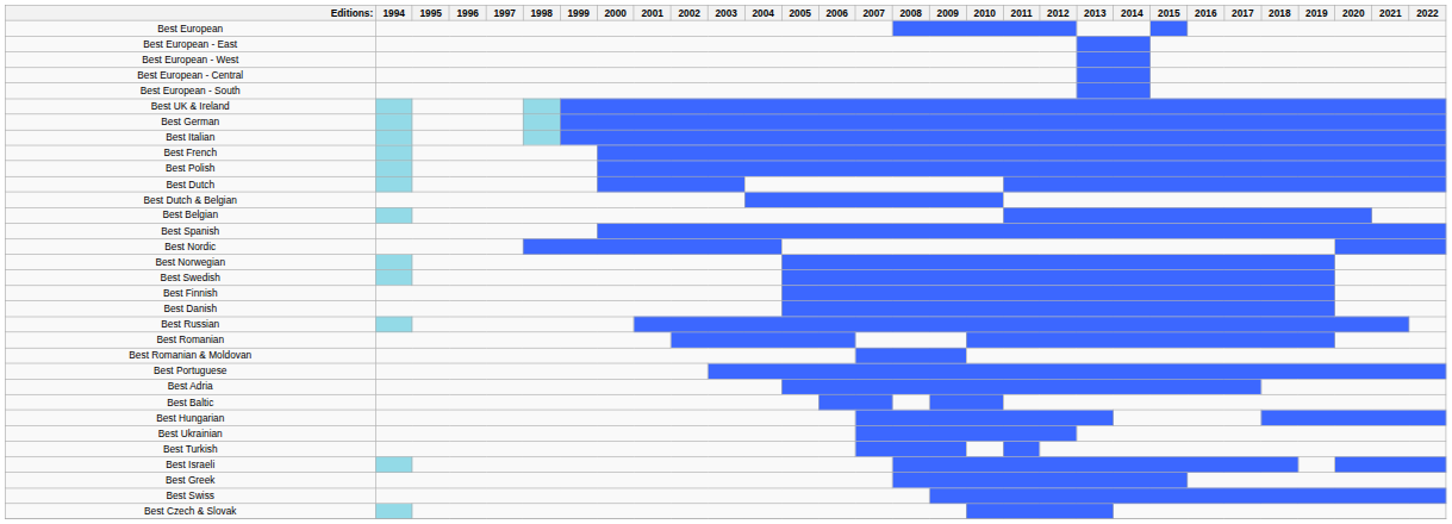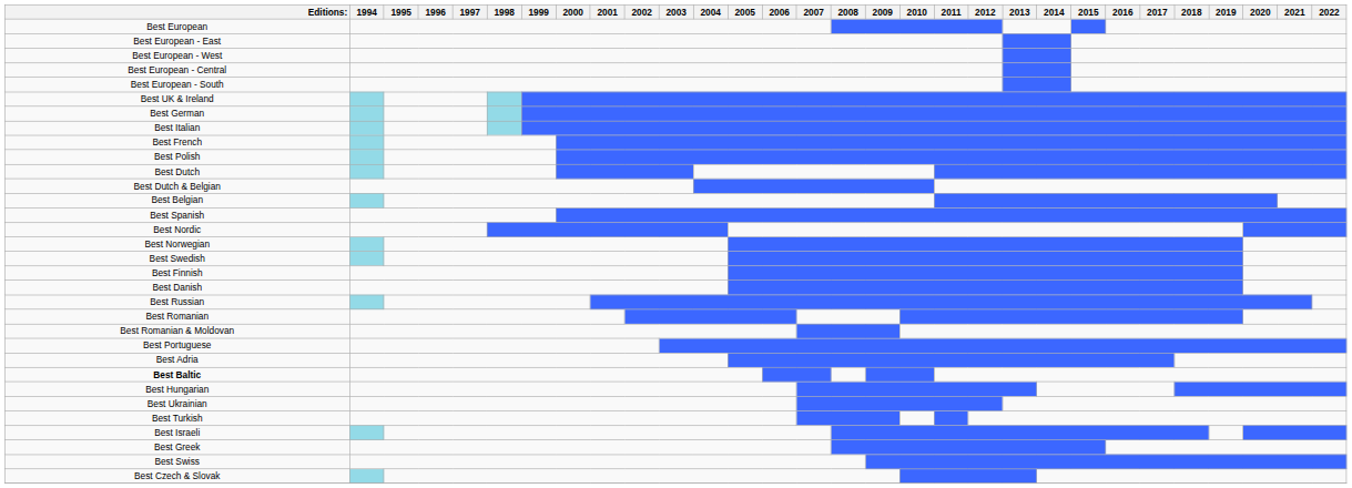 <table class="wikitable" width="100%" cellspacing="0" cellpadding="1" style="font-size:85%; text-align:center; margin:0">
 <tr style="vertical-align:top; text-align:left">
 <th style="text-align:right">Editions:</th>
 <th width="1%" style="border-left:1px solid #C7C7C7">1994</th>
 <th width="1%" style="border-left:1px solid #C7C7C7">1995</th>
 <th width="1%" style="border-left:1px solid #C7C7C7">1996</th>
 <th width="1%" style="border-left:1px solid #C7C7C7">1997</th>
 <th width="1%" style="border-left:1px solid #C7C7C7">1998</th>
 <th width="1%" style="border-left:1px solid #C7C7C7">1999</th>
 <th width="1%" style="border-left:1px solid #C7C7C7">2000</th>
 <th width="1%" style="border-left:1px solid #C7C7C7">2001</th>
 <th width="1%" style="border-left:1px solid #C7C7C7">2002</th>
 <th width="1%" style="border-left:1px solid #C7C7C7">2003</th>
 <th width="1%" style="border-left:1px solid #C7C7C7">2004</th>
 <th width="1%" style="border-left:1px solid #C7C7C7">2005</th>
 <th width="1%" style="border-left:1px solid #C7C7C7">2006</th>
 <th width="1%" style="border-left:1px solid #C7C7C7">2007</th>
 <th width="1%" style="border-left:1px solid #C7C7C7">2008</th>
 <th width="1%" style="border-left:1px solid #C7C7C7">2009</th>
 <th width="1%" style="border-left:1px solid #C7C7C7">2010</th>
 <th width="1%" style="border-left:1px solid #C7C7C7">2011</th>
 <th width="1%" style="border-left:1px solid #C7C7C7">2012</th>
 <th width="1%" style="border-left:1px solid #C7C7C7">2013</th>
 <th width="1%" style="border-left:1px solid #C7C7C7">2014</th>
 <th width="1%" style="border-left:1px solid #C7C7C7">2015</th>
 <th width="1%" style="border-left:1px solid #C7C7C7">2016</th>
 <th width="1%" style="border-left:1px solid #C7C7C7">2017</th>
 <th width="1%" style="border-left:1px solid #C7C7C7">2018</th>
 <th width="1%" style="border-left:1px solid #C7C7C7">2019</th>
 <th width="1%" style="border-left:1px solid #C7C7C7">2020</th>
 <th width="1%" style="border-left:1px solid #C7C7C7">2021</th>
 <th width="1%" style="border-left:1px solid #C7C7C7">2022</th>
 </tr>
 <tr>
 <td width="15%">Best European</td>
 <td colspan="14"></td>
 <td colspan="5" style="background:#3C67FF"></td>
 <td colspan="2"></td>
 <td style="background:#3C67FF"></td>
 <td colspan="7"></td>
 </tr>
 <tr>
 <td width="15%">Best European - East</td>
 <td colspan="19"></td>
 <td colspan="2" style="background:#3C67FF"></td>
 <td colspan="8"></td>
 </tr>
 <tr>
 <td width="15%">Best European - West</td>
 <td colspan="19"></td>
 <td colspan="2" style="background:#3C67FF"></td>
 <td colspan="8"></td>
 </tr>
 <tr>
 <td width="15%">Best European - Central</td>
 <td colspan="19"></td>
 <td colspan="2" style="background:#3C67FF"></td>
 <td colspan="8"></td>
 </tr>
 <tr>
 <td width="15%">Best European - South</td>
 <td colspan="19"></td>
 <td colspan="2" style="background:#3C67FF"></td>
 <td colspan="8"></td>
 </tr>
 <tr>
 <td width="15%">Best UK & Ireland</td>
 <td style="background:#93DAE7"></td>
 <td colspan="3"></td>
 <td style="background:#93DAE7"></td>
 <td colspan="24" style="background:#3C67FF"></td>
 </tr>
 <tr>
 <td width="15%">Best German</td>
 <td style="background:#93DAE7"></td>
 <td colspan="3"></td>
 <td style="background:#93DAE7"></td>
 <td colspan="24" style="background:#3C67FF"></td>
 </tr>
 <tr>
 <td width="15%">Best Italian</td>
 <td style="background:#93DAE7"></td>
 <td colspan="3"></td>
 <td style="background:#93DAE7"></td>
 <td colspan="24" style="background:#3C67FF"></td>
 </tr>
 <tr>
 <td width="15%">Best French</td>
 <td style="background:#93DAE7"></td>
 <td colspan="5"></td>
 <td colspan="23" style="background:#3C67FF"></td>
 </tr>
 <tr>
 <td width="15%">Best Polish</td>
 <td style="background:#93DAE7"></td>
 <td colspan="5"></td>
 <td colspan="23" style="background:#3C67FF"></td>
 </tr>
 <tr>
 <td width="15%">Best Dutch</td>
 <td style="background:#93DAE7"></td>
 <td colspan="5"></td>
 <td colspan="4" style="background:#3C67FF"></td>
 <td colspan="7"></td>
 <td colspan="12" style="background:#3C67FF"></td>
 </tr>
 <tr>
 <td width="15%">Best Dutch & Belgian</td>
 <td colspan="10"></td>
 <td colspan="7" style="background:#3C67FF"></td>
 <td colspan="12"></td>
 </tr>
 <tr>
 <td width="15%">Best Belgian</td>
 <td style="background:#93DAE7"></td>
 <td colspan="16"></td>
 <td colspan="10" style="background:#3C67FF"></td>
 <td colspan="2"></td>
 </tr>
 <tr>
 <td width="15%">Best Spanish</td>
 <td colspan="6"></td>
 <td colspan="23" style="background:#3C67FF"></td>
 </tr>
 <tr>
 <td width="15%">Best Nordic</td>
 <td colspan="4"></td>
 <td colspan="7" style="background:#3C67FF"></td>
 <td colspan="15"></td>
 <td colspan="3" style="background:#3C67FF"></td>
 </tr>
 <tr>
 <td width="15%">Best Norwegian</td>
 <td style="background:#93DAE7"></td>
 <td colspan="10"></td>
 <td colspan="15" style="background:#3C67FF"></td>
 <td colspan="3"></td>
 </tr>
 <tr>
 <td width="15%">Best Swedish</td>
 <td style="background:#93DAE7"></td>
 <td colspan="10"></td>
 <td colspan="15" style="background:#3C67FF"></td>
 <td colspan="3"></td>
 </tr>
 <tr>
 <td width="15%">Best Finnish</td>
 <td colspan="11"></td>
 <td colspan="15" style="background:#3C67FF"></td>
 <td colspan="3"></td>
 </tr>
 <tr>
 <td width="15%">Best Danish</td>
 <td colspan="11"></td>
 <td colspan="15" style="background:#3C67FF"></td>
 <td colspan="3"></td>
 </tr>
 <tr>
 <td width="15%">Best Russian</td>
 <td style="background:#93DAE7"></td>
 <td colspan="6"></td>
 <td colspan="21" style="background:#3C67FF"></td>
 <td></td>
 </tr>
 <tr>
 <td width="15%">Best Romanian</td>
 <td colspan="8"></td>
 <td colspan="5" style="background:#3C67FF"></td>
 <td colspan="3"></td>
 <td colspan="10" style="background:#3C67FF"></td>
 <td colspan="3"></td>
 </tr>
 <tr>
 <td width="15%">Best Romanian & Moldovan</td>
 <td colspan="13"></td>
 <td colspan="3" style="background:#3C67FF"></td>
 <td colspan="13"></td>
 </tr>
 <tr>
 <td width="15%">Best Portuguese</td>
 <td colspan="9"></td>
 <td colspan="20" style="background:#3C67FF"></td>
 </tr>
 <tr>
 <td width="15%">Best Adria</td>
 <td colspan="11"></td>
 <td colspan="13" style="background:#3C67FF"></td>
 <td colspan="5"></td>
 </tr>
 <tr>
-<td width="15%">Best Baltic</td>
+<td width="15%"><strong>Best Baltic</strong></td>
 <td colspan="12"></td>
 <td colspan="2" style="background:#3C67FF"></td>
 <td></td>
 <td colspan="2" style="background:#3C67FF"></td>
 <td colspan="12"></td>
 </tr>
 <tr>
 <td width="15%">Best Hungarian</td>
 <td colspan="13"></td>
 <td colspan="7" style="background:#3C67FF"></td>
 <td colspan="4"></td>
 <td colspan="5" style="background:#3C67FF"></td>
 </tr>
 <tr>
 <td width="15%">Best Ukrainian</td>
 <td colspan="13"></td>
 <td colspan="6" style="background:#3C67FF"></td>
 <td colspan="10"></td>
 </tr>
 <tr>
 <td width="15%">Best Turkish</td>
 <td colspan="13"></td>
 <td colspan="3" style="background:#3C67FF"></td>
 <td></td>
 <td style="background:#3C67FF"></td>
 <td colspan="11"></td>
 </tr>
 <tr>
 <td width="15%">Best Israeli</td>
 <td style="background:#93DAE7"></td>
 <td colspan="13"></td>
 <td colspan="11" style="background:#3C67FF"></td>
 <td></td>
 <td colspan="3" style="background:#3C67FF"></td>
 </tr>
 <tr>
 <td width="15%">Best Greek</td>
 <td colspan="14"></td>
 <td colspan="8" style="background:#3C67FF"></td>
 <td colspan="7"></td>
 </tr>
 <tr>
 <td width="15%">Best Swiss</td>
 <td colspan="15"></td>
 <td colspan="14" style="background:#3C67FF"></td>
 </tr>
 <tr>
 <td width="15%">Best Czech & Slovak</td>
 <td style="background:#93DAE7"></td>
 <td colspan="15"></td>
 <td colspan="4" style="background:#3C67FF"></td>
 <td colspan="9"></td>
 </tr>
 <tr>
 </tr>
 </table>
